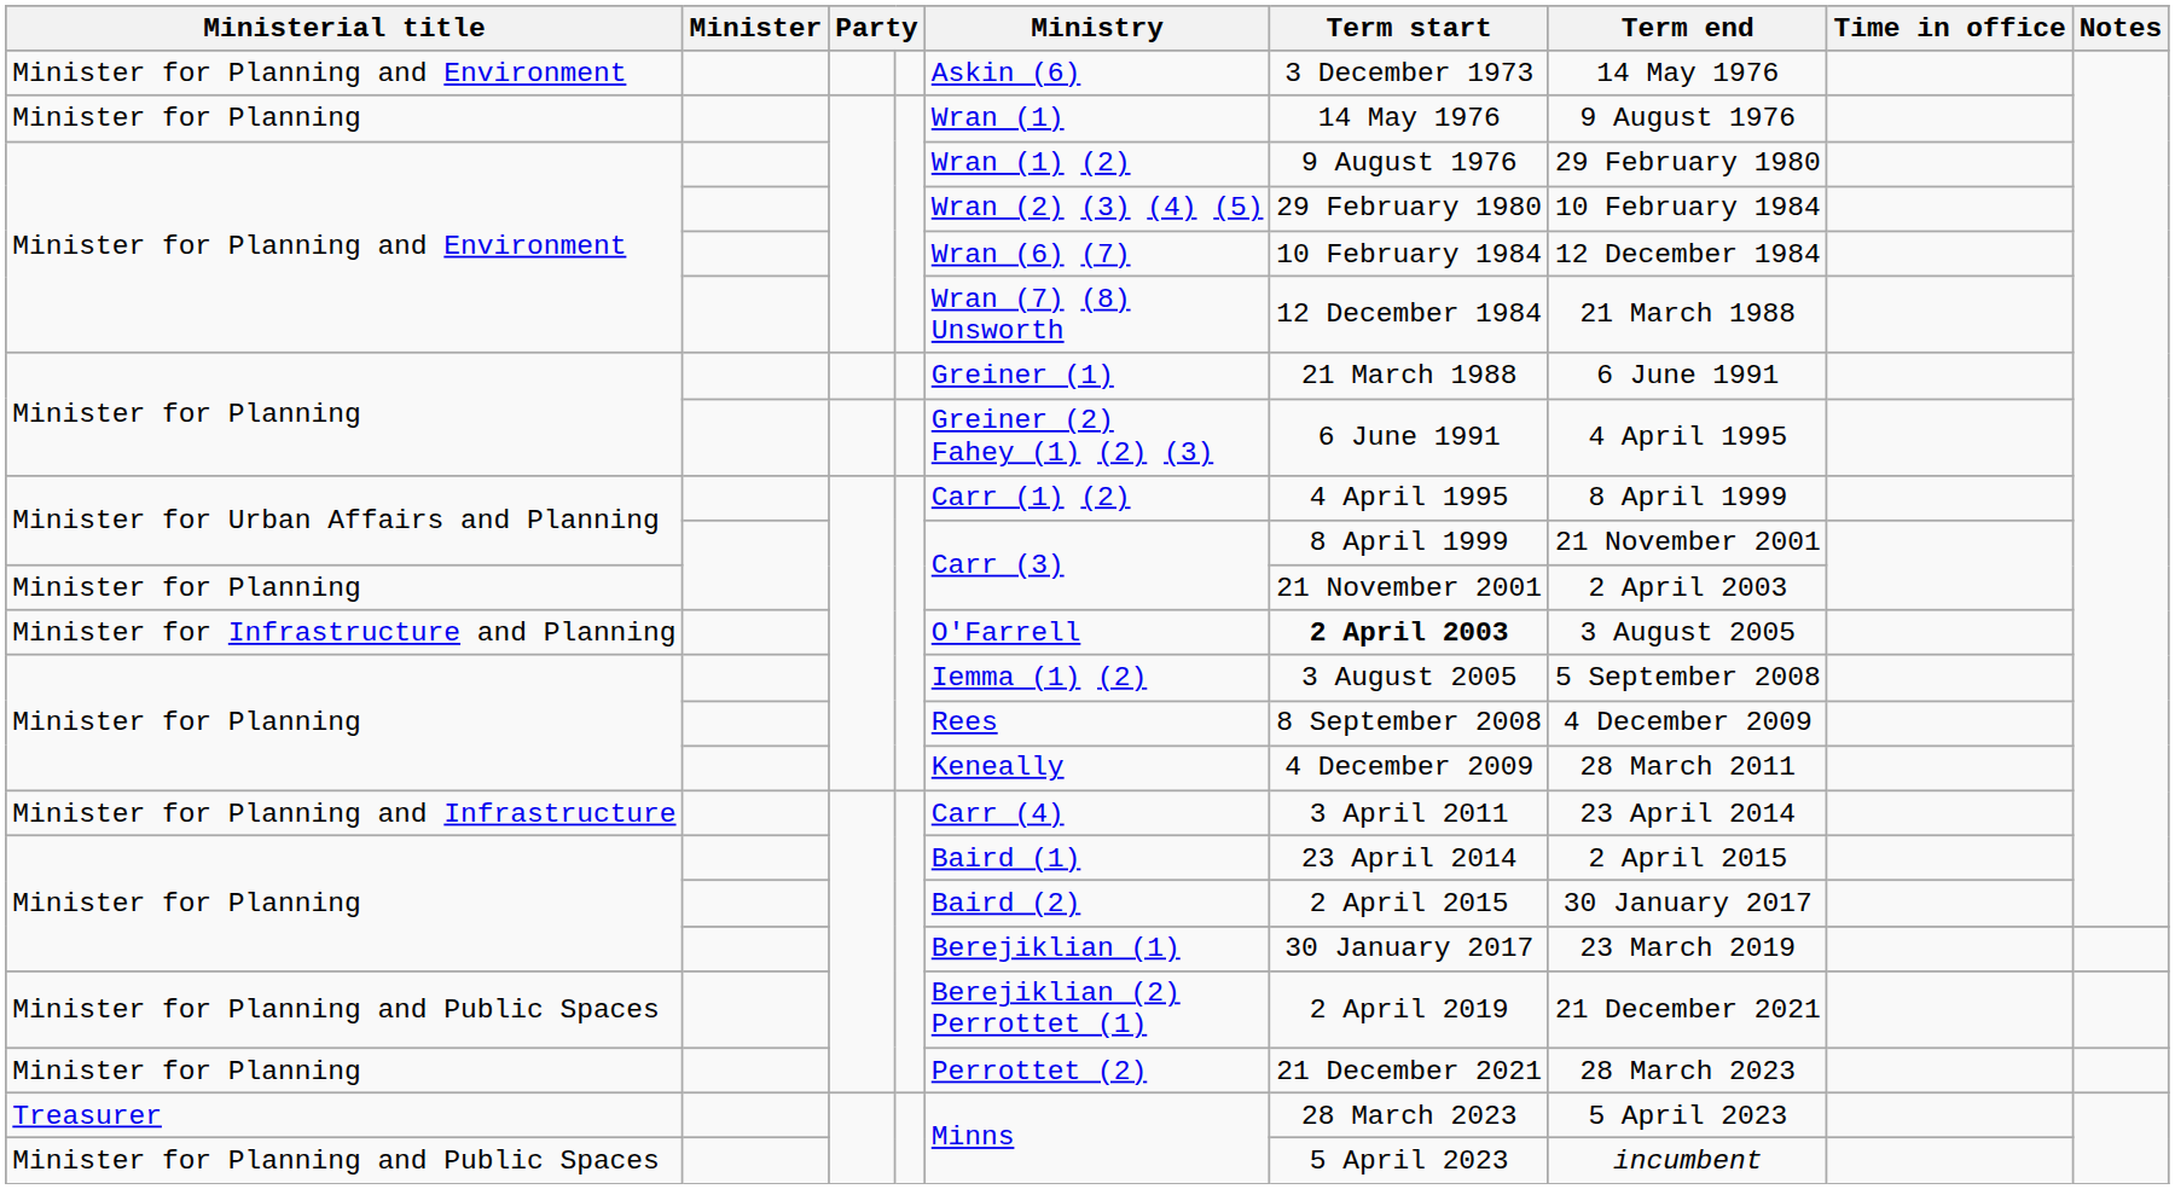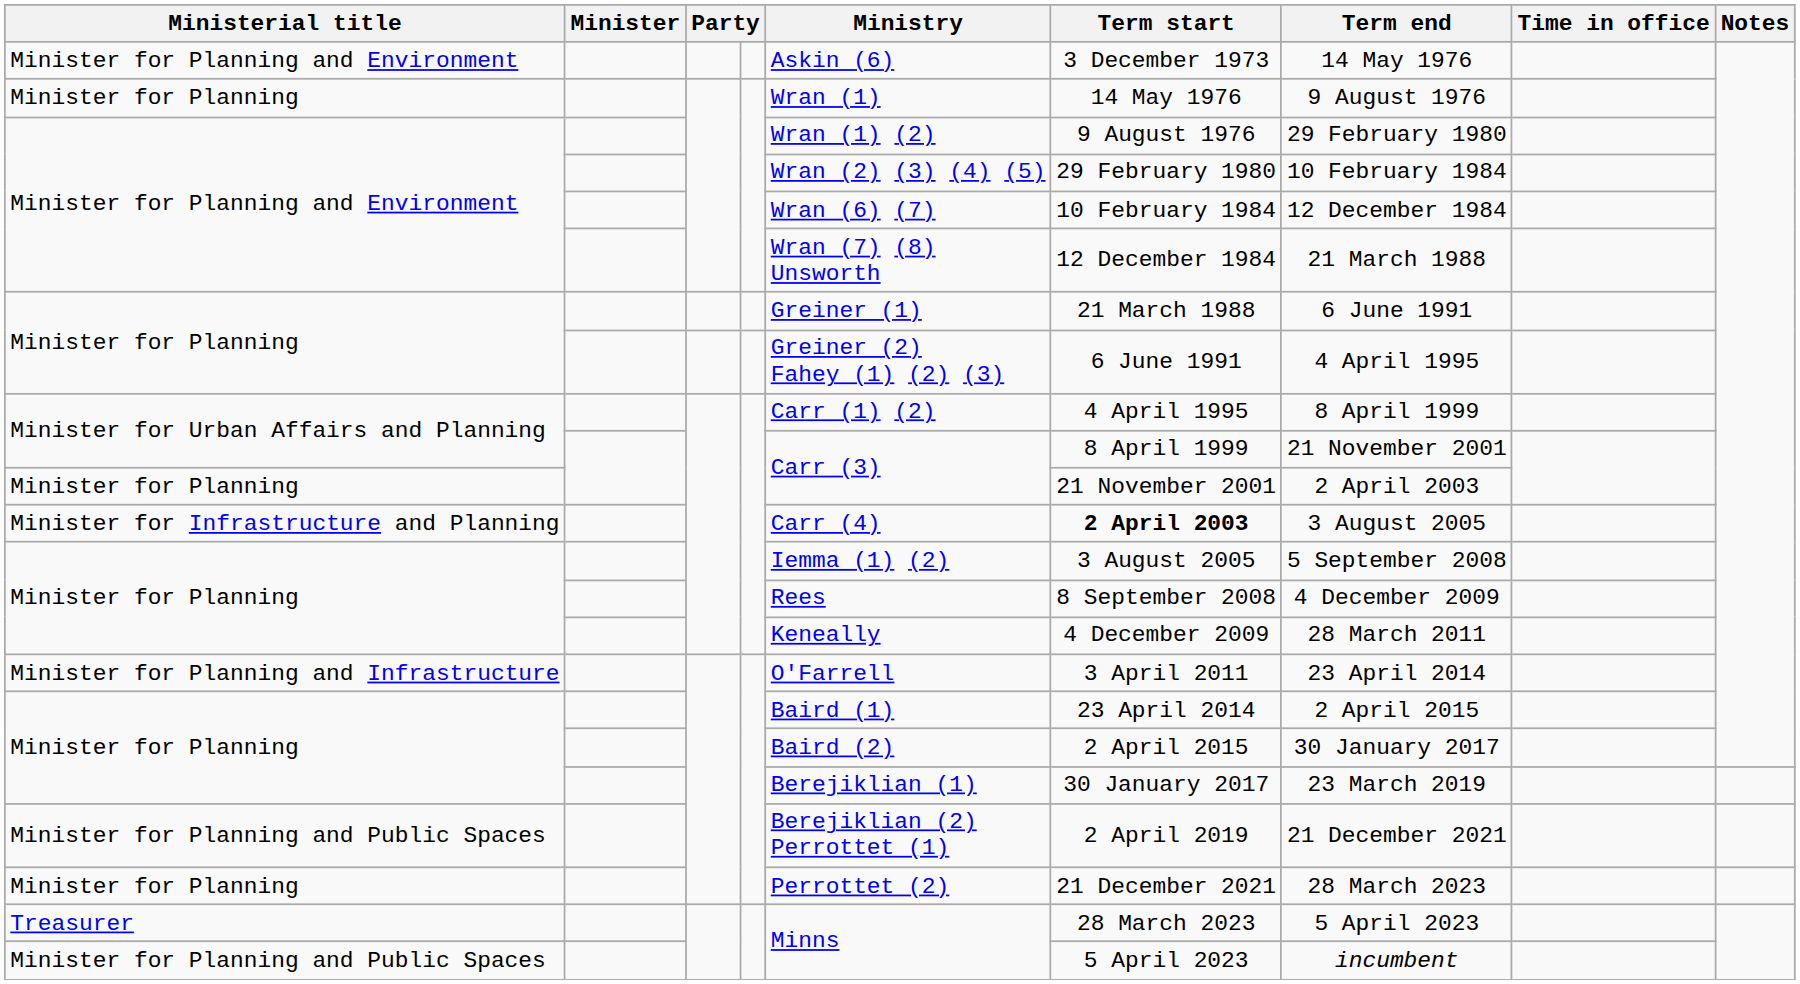 <table class="wikitable sortable">
 <tr>
 <th>Ministerial title</th>
 <th>Minister</th>
 <th colspan=2>Party</th>
 <th>Ministry</th>
 <th>Term start</th>
 <th>Term end</th>
 <th>Time in office</th>
 <th class="unsortable">Notes</th>
 </tr>
 <tr>
 <td>Minister for Planning and <a href='#'>Environment</a></td>
 <td></td>
 <td> </td>
 <td></td>
 <td><a href='#'>Askin (6)</a></td>
 <td align=center>3 December 1973</td>
 <td align=center>14 May 1976</td>
 <td align=right></td>
 </tr>
 <tr>
 <td>Minister for Planning</td>
 <td></td>
 <td rowspan=5 > </td>
 <td rowspan=5></td>
 <td><a href='#'>Wran (1)</a></td>
 <td align=center>14 May 1976</td>
 <td align=center>9 August 1976</td>
 <td align=right></td>
 </tr>
 <tr>
 <td rowspan=4>Minister for Planning and <a href='#'>Environment</a></td>
 <td></td>
 <td><a href='#'>Wran (1)</a> <a href='#'>(2)</a></td>
 <td align=center>9 August 1976</td>
 <td align=center>29 February 1980</td>
 <td align=right></td>
 </tr>
 <tr>
 <td></td>
 <td><a href='#'>Wran (2)</a> <a href='#'>(3)</a> <a href='#'>(4)</a> <a href='#'>(5)</a></td>
 <td align=center>29 February 1980</td>
 <td align=center>10 February 1984</td>
 <td align=right></td>
 </tr>
 <tr>
 <td></td>
 <td><a href='#'>Wran (6)</a> <a href='#'>(7)</a></td>
 <td align=center>10 February 1984</td>
 <td align=center>12 December 1984</td>
 <td align=right></td>
 </tr>
 <tr>
 <td></td>
 <td><a href='#'>Wran (7)</a> <a href='#'>(8)</a><br><a href='#'>Unsworth</a></td>
 <td align=center>12 December 1984</td>
 <td align=center>21 March 1988</td>
 <td align=right></td>
 </tr>
 <tr>
 <td rowspan=2>Minister for Planning</td>
 <td></td>
 <td> </td>
 <td></td>
 <td><a href='#'>Greiner (1)</a></td>
 <td align=center>21 March 1988</td>
 <td align=center>6 June 1991</td>
 <td align=right></td>
 </tr>
 <tr>
 <td></td>
 <td> </td>
 <td></td>
 <td><a href='#'>Greiner (2)</a><br><a href='#'>Fahey (1)</a> <a href='#'>(2)</a> <a href='#'>(3)</a></td>
 <td align=center>6 June 1991</td>
 <td align=center>4 April 1995</td>
 <td align=right></td>
 </tr>
 <tr>
 <td rowspan=2>Minister for Urban Affairs and Planning</td>
 <td></td>
 <td rowspan=7 > </td>
 <td rowspan=7></td>
 <td><a href='#'>Carr (1)</a> <a href='#'>(2)</a></td>
 <td align=center>4 April 1995</td>
 <td align=center>8 April 1999</td>
 <td align=right><strong></strong></td>
 </tr>
 <tr>
 <td rowspan="2"></td>
 <td rowspan="2"><a href='#'>Carr (3)</a></td>
 <td align=center>8 April 1999</td>
 <td align=center>21 November 2001</td>
 <td rowspan=2 align=right></td>
 </tr>
 <tr>
 <td>Minister for Planning</td>
 <td align=center>21 November 2001</td>
 <td align=center>2 April 2003</td>
 </tr>
 <tr>
 <td>Minister for <a href='#'>Infrastructure</a> and Planning</td>
 <td></td>
-<td><a href='#'>O'Farrell</a></td>
+<td><a href='#'>Carr (4)</a></td>
 <td align=center><strong>2 April 2003</strong></td>
 <td align=center>3 August 2005</td>
 <td align=right></td>
 </tr>
 <tr>
 <td rowspan=3>Minister for Planning</td>
 <td></td>
 <td><a href='#'>Iemma (1)</a> <a href='#'>(2)</a></td>
 <td align=center>3 August 2005</td>
 <td align=center>5 September 2008</td>
 <td align=right></td>
 </tr>
 <tr>
 <td></td>
 <td><a href='#'>Rees</a></td>
 <td align=center>8 September 2008</td>
 <td align=center>4 December 2009</td>
 <td align=right></td>
 </tr>
 <tr>
 <td></td>
 <td><a href='#'>Keneally</a></td>
 <td align=center>4 December 2009</td>
 <td align=center>28 March 2011</td>
 <td align=right></td>
 </tr>
 <tr>
 <td>Minister for Planning and <a href='#'>Infrastructure</a></td>
 <td></td>
 <td rowspan=6 > </td>
 <td rowspan=6></td>
-<td><a href='#'>Carr (4)</a></td>
+<td><a href='#'>O'Farrell</a></td>
 <td align=center>3 April 2011</td>
 <td align=center>23 April 2014</td>
 <td align=right></td>
 </tr>
 <tr>
 <td rowspan=3>Minister for Planning</td>
 <td></td>
 <td><a href='#'>Baird (1)</a></td>
 <td align=center>23 April 2014</td>
 <td align=center>2 April 2015</td>
 <td align=right></td>
 </tr>
 <tr>
 <td></td>
 <td><a href='#'>Baird (2)</a></td>
 <td align=center>2 April 2015</td>
 <td align=center>30 January 2017</td>
 <td align=right></td>
 </tr>
 <tr>
 <td></td>
 <td><a href='#'>Berejiklian (1)</a></td>
 <td align=center>30 January 2017</td>
 <td align=center>23 March 2019</td>
 <td align=right></td>
 <td></td>
 </tr>
 <tr>
 <td>Minister for Planning and Public Spaces</td>
 <td></td>
 <td><a href='#'>Berejiklian (2)</a><br><a href='#'>Perrottet (1)</a></td>
 <td align=center>2 April 2019</td>
 <td align=center>21 December 2021</td>
 <td align=right></td>
 <td></td>
 </tr>
 <tr>
 <td>Minister for Planning</td>
 <td></td>
 <td><a href='#'>Perrottet (2)</a></td>
 <td align=center>21 December 2021</td>
 <td align=center>28 March 2023</td>
 <td align=right></td>
 <td></td>
 </tr>
 <tr>
 <td><a href='#'>Treasurer</a></td>
 <td></td>
 <td rowspan=2 > </td>
 <td rowspan=2></td>
 <td rowspan=2><a href='#'>Minns</a></td>
 <td align=center>28 March 2023</td>
 <td align=center>5 April 2023</td>
 <td align=right></td>
 <td rowspan=2></td>
 </tr>
 <tr>
 <td>Minister for Planning and Public Spaces</td>
 <td></td>
 <td align=center>5 April 2023</td>
 <td align=center><em>incumbent</em></td>
 <td align=right></td>
 </tr>
 </table>
